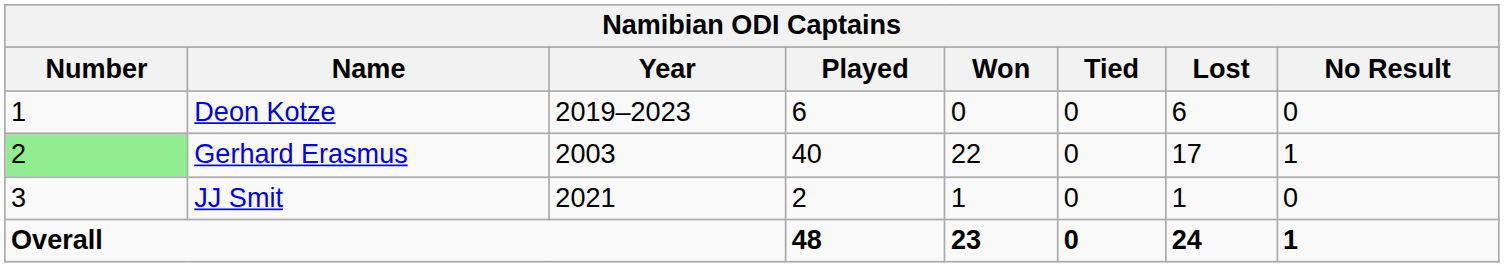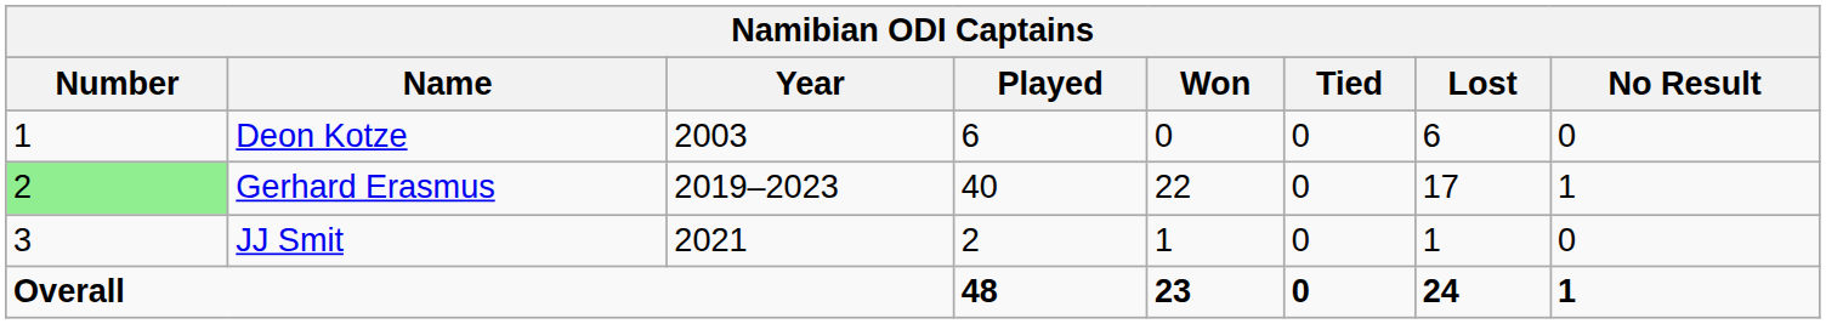 <table class="wikitable" width="70%">
 <tr>
 <th bgcolor="#efefef" colspan=9>Namibian ODI Captains</th>
 </tr>
 <tr bgcolor="#efefef">
 <th>Number</th>
 <th>Name</th>
 <th>Year</th>
 <th>Played</th>
 <th>Won</th>
 <th>Tied</th>
 <th>Lost</th>
 <th>No Result</th>
 </tr>
 <tr>
 <td>1</td>
 <td><a href='#'>Deon Kotze</a></td>
-<td>2019–2023</td>
+<td>2003</td>
 <td>6</td>
 <td>0</td>
 <td>0</td>
 <td>6</td>
 <td>0</td>
 </tr>
 <tr>
 <td style="background: lightgreen;">2</td>
 <td><a href='#'>Gerhard Erasmus</a></td>
-<td>2003</td>
+<td>2019–2023</td>
 <td>40</td>
 <td>22</td>
 <td>0</td>
 <td>17</td>
 <td>1</td>
 </tr>
 <tr>
 <td>3</td>
 <td><a href='#'>JJ Smit</a></td>
 <td>2021</td>
 <td>2</td>
 <td>1</td>
 <td>0</td>
 <td>1</td>
 <td>0</td>
 </tr>
 <tr>
 <td colspan=3><strong>Overall</strong></td>
 <td><strong>48</strong></td>
 <td><strong>23</strong></td>
 <td><strong>0</strong></td>
 <td><strong>24</strong></td>
 <td><strong>1</strong></td>
 </tr>
 </table>
